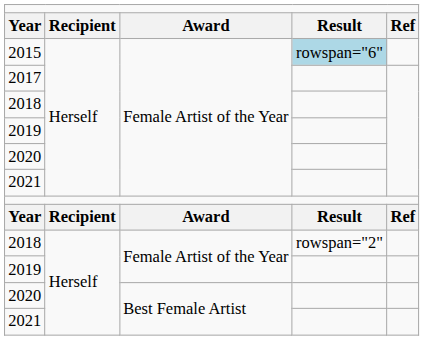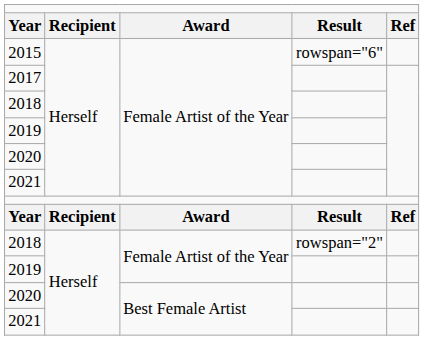 <table class ="wikitable">
 <tr>
 <td colspan="5" style="font-size:110%"></td>
 </tr>
 <tr>
 <th>Year</th>
 <th>Recipient</th>
 <th>Award</th>
 <th>Result</th>
 <th>Ref</th>
 </tr>
 <tr>
 <td>2015</td>
 <td rowspan="6">Herself</td>
 <td rowspan="6">Female Artist of the Year</td>
-<td style="background: lightblue;">rowspan="6"</td>
+<td>rowspan="6"</td>
 <td></td>
 </tr>
 <tr>
 <td>2017</td>
 <td></td>
 </tr>
 <tr>
 <td>2018</td>
 <td></td>
 </tr>
 <tr>
 <td>2019</td>
 <td></td>
 </tr>
 <tr>
 <td>2020</td>
 <td></td>
 </tr>
 <tr>
 <td>2021</td>
 <td></td>
 </tr>
 <tr>
 <td colspan="5" style="font-size:110%"></td>
 </tr>
 <tr>
 <th>Year</th>
 <th>Recipient</th>
 <th>Award</th>
 <th>Result</th>
 <th>Ref</th>
 </tr>
 <tr>
 <td>2018</td>
 <td rowspan="4">Herself</td>
 <td rowspan="2">Female Artist of the Year</td>
 <td>rowspan="2" </td>
 <td></td>
 </tr>
 <tr>
 <td>2019</td>
 <td></td>
 </tr>
 <tr>
 <td>2020</td>
 <td rowspan="2">Best Female Artist</td>
 <td></td>
 <td></td>
 </tr>
 <tr>
 <td>2021</td>
 <td></td>
 <td></td>
 </tr>
 </table>
